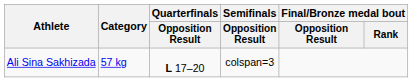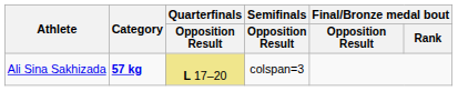 <table class="wikitable" style="text-align:center; font-size:90%">
 <tr>
 <th rowspan=2>Athlete</th>
 <th rowspan=2>Category</th>
 <th>Quarterfinals</th>
 <th>Semifinals</th>
 <th colspan=2>Final/Bronze medal bout</th>
 </tr>
 <tr style="font-size:95%">
 <th>Opposition<br>Result</th>
 <th>Opposition<br>Result</th>
 <th>Opposition<br>Result</th>
 <th>Rank</th>
 </tr>
 <tr>
 <td align=left><a href='#'>Ali Sina Sakhizada</a></td>
-<td align=left><a href='#'>57 kg</a></td>
-<td><br> <strong>L</strong> 17–20</td>
+<td align=left><strong><a href='#'>57 kg</a></strong></td>
+<td style="background: khaki;"><br> <strong>L</strong> 17–20</td>
 <td>colspan=3 </td>
 </tr>
 </table>
